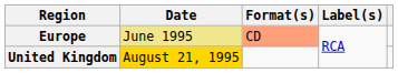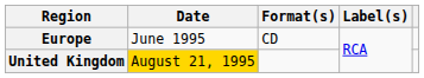 <table class="wikitable plainrowheaders">
 <tr>
 <th scope="col">Region</th>
 <th scope="col">Date</th>
 <th scope="col">Format(s)</th>
 <th scope="col">Label(s)</th>
 <th scope="col"></th>
 </tr>
 <tr>
 <th scope="row">Europe</th>
-<td style="background: khaki;">June 1995</td>
-<td style="background: lightsalmon;">CD</td>
+<td>June 1995</td>
+<td>CD</td>
 <td rowspan="2"><a href='#'>RCA</a></td>
 <td></td>
 </tr>
 <tr>
 <th scope="row">United Kingdom</th>
 <td style="background: gold;">August 21, 1995</td>
 <td></td>
 <td></td>
 </tr>
 </table>
